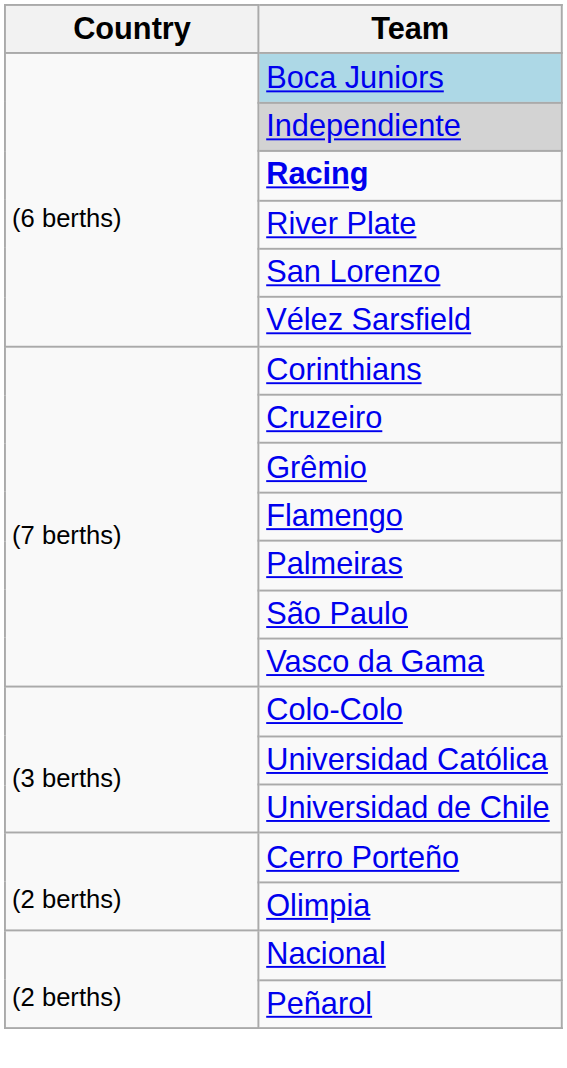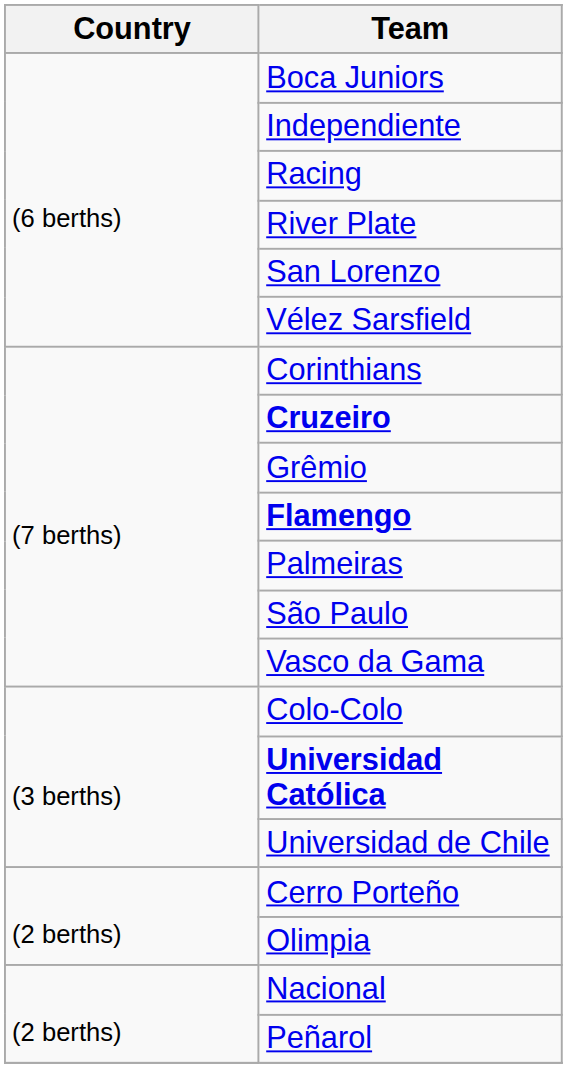 <table class="wikitable">
 <tr>
 <th width=125>Country</th>
 <th width=150>Team</th>
 </tr>
 <tr>
 <td rowspan="6"><br><small>(6 berths)</small></td>
-<td style="background: lightblue;"><a href='#'>Boca Juniors</a></td>
+<td><a href='#'>Boca Juniors</a></td>
 </tr>
 <tr>
-<td style="background: lightgrey;"><a href='#'>Independiente</a></td>
+<td><a href='#'>Independiente</a></td>
 </tr>
 <tr>
-<td><strong><a href='#'>Racing</a></strong></td>
+<td><a href='#'>Racing</a></td>
 </tr>
 <tr>
 <td><a href='#'>River Plate</a></td>
 </tr>
 <tr>
 <td><a href='#'>San Lorenzo</a></td>
 </tr>
 <tr>
 <td><a href='#'>Vélez Sarsfield</a></td>
 </tr>
 <tr>
 <td rowspan="7"><br><small>(7 berths)</small></td>
 <td><a href='#'>Corinthians</a></td>
 </tr>
 <tr>
-<td><a href='#'>Cruzeiro</a></td>
+<td><strong><a href='#'>Cruzeiro</a></strong></td>
 </tr>
 <tr>
 <td><a href='#'>Grêmio</a></td>
 </tr>
 <tr>
-<td><a href='#'>Flamengo</a></td>
+<td><strong><a href='#'>Flamengo</a></strong></td>
 </tr>
 <tr>
 <td><a href='#'>Palmeiras</a></td>
 </tr>
 <tr>
 <td><a href='#'>São Paulo</a></td>
 </tr>
 <tr>
 <td><a href='#'>Vasco da Gama</a></td>
 </tr>
 <tr>
 <td rowspan="3"><br><small>(3 berths)</small></td>
 <td><a href='#'>Colo-Colo</a></td>
 </tr>
 <tr>
-<td><a href='#'>Universidad Católica</a></td>
+<td><strong><a href='#'>Universidad Católica</a></strong></td>
 </tr>
 <tr>
 <td><a href='#'>Universidad de Chile</a></td>
 </tr>
 <tr>
 <td rowspan="2"><br><small>(2 berths)</small></td>
 <td><a href='#'>Cerro Porteño</a></td>
 </tr>
 <tr>
 <td><a href='#'>Olimpia</a></td>
 </tr>
 <tr>
 <td rowspan="2"><br><small>(2 berths)</small></td>
 <td><a href='#'>Nacional</a></td>
 </tr>
 <tr>
 <td><a href='#'>Peñarol</a></td>
 </tr>
 <tr>
 </tr>
 </table>
